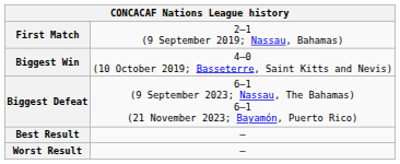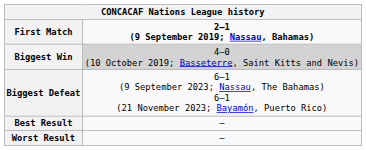 <table class="wikitable collapsible collapsed" style="text-align: center;font-size:90%;">
 <tr>
 <th colspan=2>CONCACAF Nations League history</th>
 </tr>
 <tr>
 <th>First Match</th>
-<td> 2–1 <br>(9 September 2019; <a href='#'>Nassau</a>, Bahamas)</td>
+<td><strong> 2–1 <br>(9 September 2019; <a href='#'>Nassau</a>, Bahamas)</strong></td>
 </tr>
 <tr>
 <th>Biggest Win</th>
-<td> 4–0  <br>(10 October 2019; <a href='#'>Basseterre</a>, Saint Kitts and Nevis)</td>
+<td style="background: lightgrey;"> 4–0  <br>(10 October 2019; <a href='#'>Basseterre</a>, Saint Kitts and Nevis)</td>
 </tr>
 <tr>
 <th>Biggest Defeat</th>
 <td> 6–1 <br>(9 September 2023; <a href='#'>Nassau</a>, The Bahamas)<br> 6–1 <br>(21 November 2023; <a href='#'>Bayamón</a>, Puerto Rico)</td>
 </tr>
 <tr>
 <th>Best Result</th>
 <td>—</td>
 </tr>
 <tr>
 <th>Worst Result</th>
 <td>—</td>
 </tr>
 </table>
